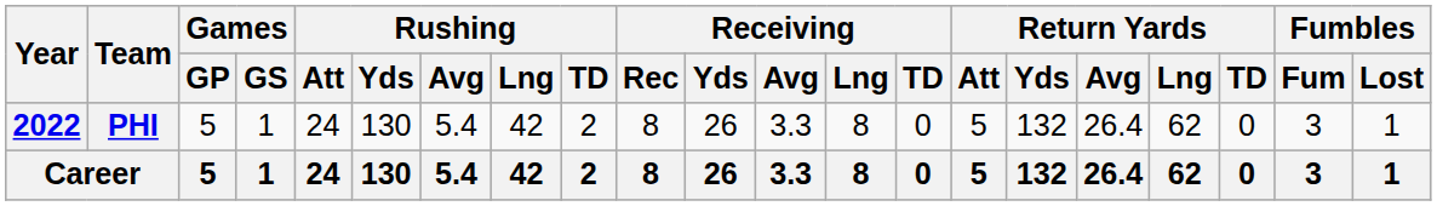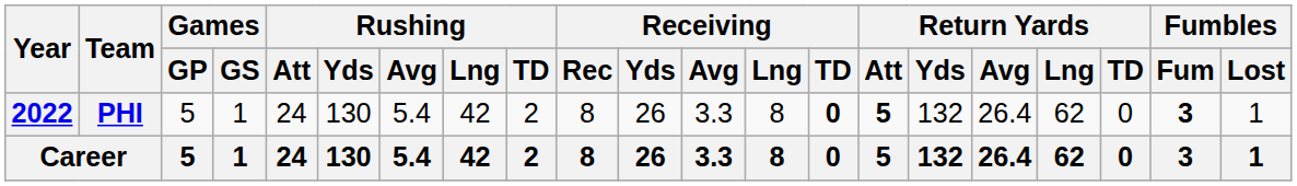 <table class="wikitable" style="text-align:center">
 <tr>
 <th rowspan="2">Year</th>
 <th rowspan="2">Team</th>
 <th colspan="2">Games</th>
 <th colspan="5">Rushing</th>
 <th colspan="5">Receiving</th>
 <th colspan="5">Return Yards</th>
 <th colspan="2">Fumbles</th>
 </tr>
 <tr>
 <th>GP</th>
 <th>GS</th>
 <th>Att</th>
 <th>Yds</th>
 <th>Avg</th>
 <th>Lng</th>
 <th>TD</th>
 <th>Rec</th>
 <th>Yds</th>
 <th>Avg</th>
 <th>Lng</th>
 <th>TD</th>
 <th>Att</th>
 <th>Yds</th>
 <th>Avg</th>
 <th>Lng</th>
 <th>TD</th>
 <th>Fum</th>
 <th>Lost</th>
 </tr>
 <tr>
 <th><a href='#'>2022</a></th>
 <th><a href='#'>PHI</a></th>
 <td>5</td>
 <td>1</td>
 <td>24</td>
 <td>130</td>
 <td>5.4</td>
 <td>42</td>
 <td>2</td>
 <td>8</td>
 <td>26</td>
 <td>3.3</td>
 <td>8</td>
-<td>0</td>
-<td>5</td>
+<td><strong>0</strong></td>
+<td><strong>5</strong></td>
 <td>132</td>
 <td>26.4</td>
 <td>62</td>
 <td>0</td>
-<td>3</td>
+<td><strong>3</strong></td>
 <td>1</td>
 </tr>
 <tr>
 <th colspan="2">Career</th>
 <th>5</th>
 <th>1</th>
 <th>24</th>
 <th>130</th>
 <th>5.4</th>
 <th>42</th>
 <th>2</th>
 <th>8</th>
 <th>26</th>
 <th>3.3</th>
 <th>8</th>
 <th>0</th>
 <th>5</th>
 <th>132</th>
 <th>26.4</th>
 <th>62</th>
 <th>0</th>
 <th>3</th>
 <th>1</th>
 </tr>
 </table>
